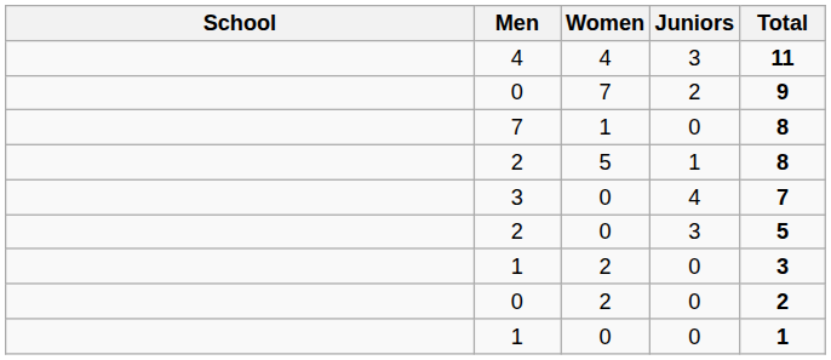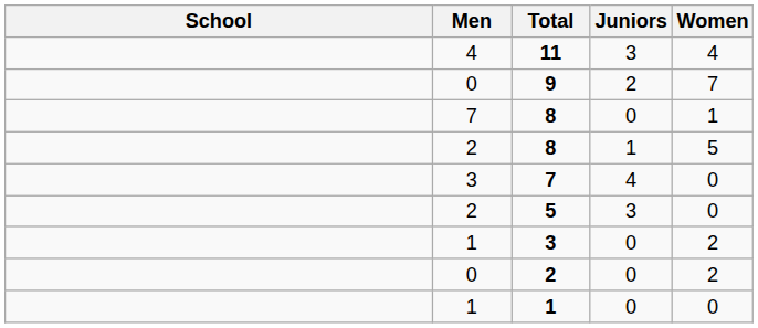 <table class="wikitable sortable" style="font-size:90%;">
 <tr>
 <th width=300px>School</th>
 <th width="50px">Men</th>
+<th width="50px">Total</th>
+<th width="50px">Juniors</th>
 <th width="50px">Women</th>
-<th width="50px">Juniors</th>
-<th width="50px">Total</th>
 </tr>
 <tr align="center">
 <td align="left"></td>
 <td>4</td>
+<td><strong>11</strong></td>
+<td>3</td>
 <td>4</td>
-<td>3</td>
-<td><strong>11</strong></td>
 </tr>
 <tr align="center">
 <td align="left"></td>
 <td>0</td>
+<td><strong>9</strong></td>
+<td>2</td>
 <td>7</td>
-<td>2</td>
-<td><strong>9</strong></td>
 </tr>
 <tr align="center">
 <td align="left"></td>
 <td>7</td>
+<td><strong>8</strong></td>
+<td>0</td>
 <td>1</td>
-<td>0</td>
-<td><strong>8</strong></td>
 </tr>
 <tr align="center">
 <td align="left"></td>
 <td>2</td>
+<td><strong>8</strong></td>
+<td>1</td>
 <td>5</td>
-<td>1</td>
-<td><strong>8</strong></td>
 </tr>
 <tr align="center">
 <td align="left"></td>
 <td>3</td>
+<td><strong>7</strong></td>
+<td>4</td>
 <td>0</td>
-<td>4</td>
-<td><strong>7</strong></td>
 </tr>
 <tr align="center">
 <td align="left"></td>
 <td>2</td>
+<td><strong>5</strong></td>
+<td>3</td>
 <td>0</td>
-<td>3</td>
-<td><strong>5</strong></td>
 </tr>
 <tr align="center">
 <td align="left"></td>
 <td>1</td>
+<td><strong>3</strong></td>
+<td>0</td>
 <td>2</td>
-<td>0</td>
-<td><strong>3</strong></td>
 </tr>
 <tr align="center">
 <td align="left"></td>
 <td>0</td>
+<td><strong>2</strong></td>
+<td>0</td>
 <td>2</td>
-<td>0</td>
-<td><strong>2</strong></td>
 </tr>
 <tr align="center">
 <td align="left"></td>
 <td>1</td>
+<td><strong>1</strong></td>
 <td>0</td>
 <td>0</td>
-<td><strong>1</strong></td>
 </tr>
 </table>
